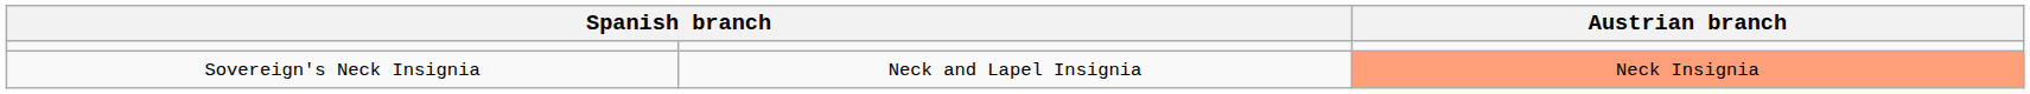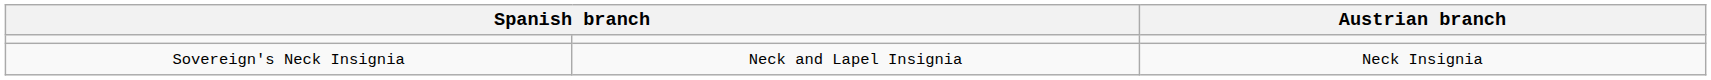 <table class="wikitable" style="margin: auto; width:60%; table-layout:fixed; text-align:center;">
 <tr>
 <th colspan="2">Spanish branch</th>
 <th>Austrian branch</th>
 </tr>
 <tr>
 <td></td>
 <td></td>
 <td></td>
 </tr>
 <tr>
 <td><small>Sovereign's Neck Insignia </small></td>
 <td><small>Neck and Lapel Insignia</small></td>
-<td style="background: lightsalmon;"><small>Neck Insignia </small></td>
+<td><small>Neck Insignia </small></td>
 </tr>
 </table>
